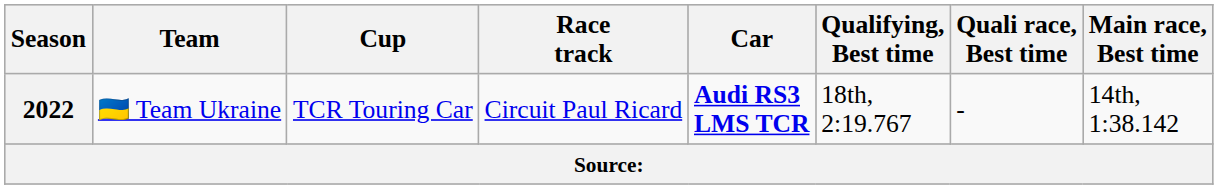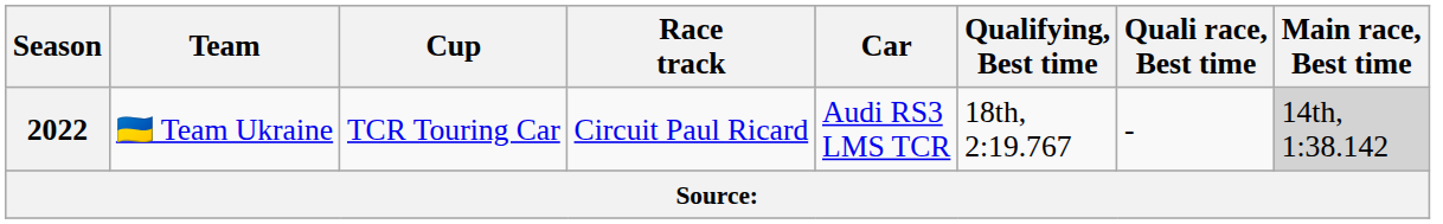 <table class="wikitable">
 <tr>
 <th>Season</th>
 <th>Team</th>
 <th>Cup</th>
 <th>Race<br>track</th>
 <th>Car</th>
 <th><strong>Qualifying,</strong><br>Best time</th>
 <th>Quali race,<br>Best time</th>
 <th>Main race,<br>Best time</th>
 </tr>
 <tr>
 <th>2022</th>
 <td><a href='#'>🇺🇦 Team Ukraine</a></td>
 <td><a href='#'>TCR Touring Car</a></td>
 <td><a href='#'>Circuit Paul Ricard</a></td>
-<td><strong><a href='#'>Audi RS3</a><br><a href='#'>LMS TCR</a></strong></td>
+<td><a href='#'>Audi RS3</a><br><a href='#'>LMS TCR</a></td>
 <td>18th,<br>2:19.767</td>
 <td>-</td>
-<td>14th,<br>1:38.142</td>
+<td style="background: lightgrey;">14th,<br>1:38.142</td>
 </tr>
 <tr>
 <th colspan="8"><small>Source:</small></th>
 </tr>
 </table>
